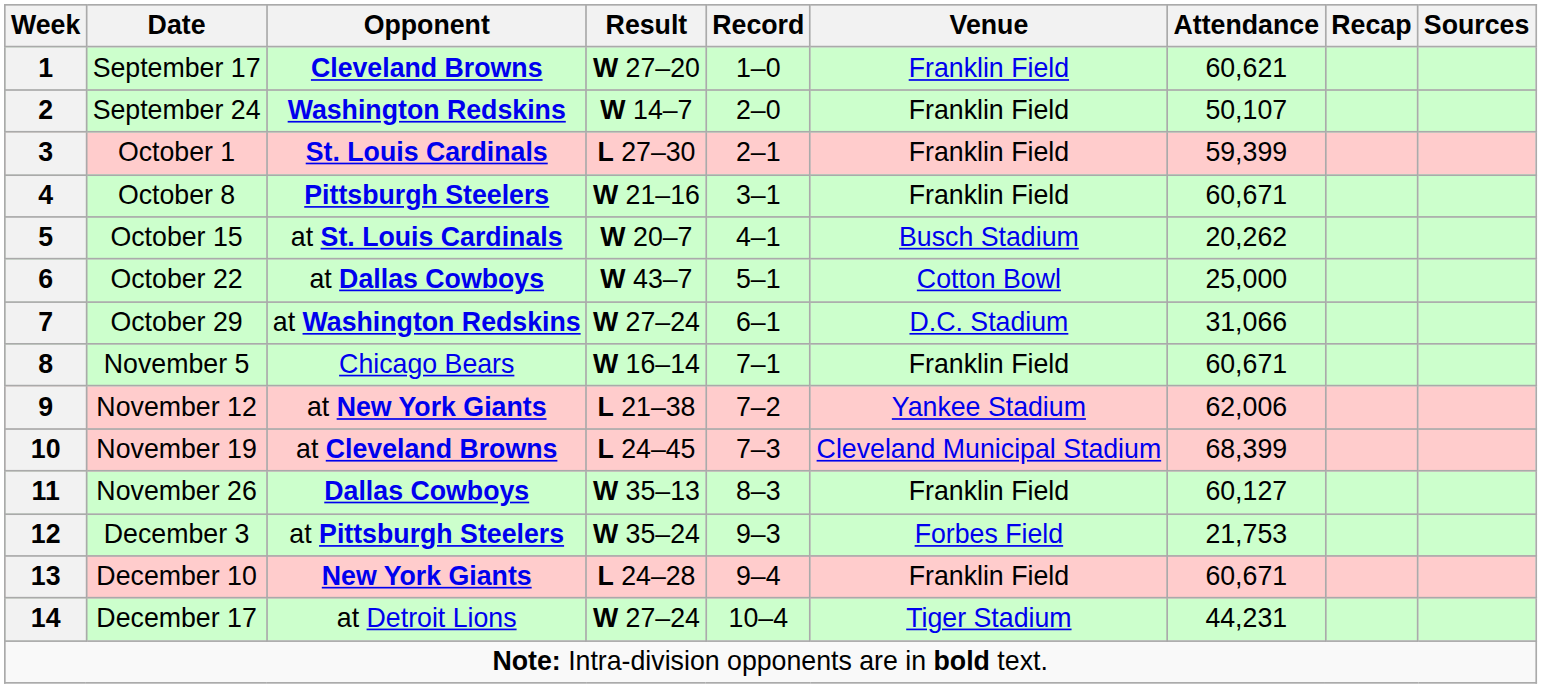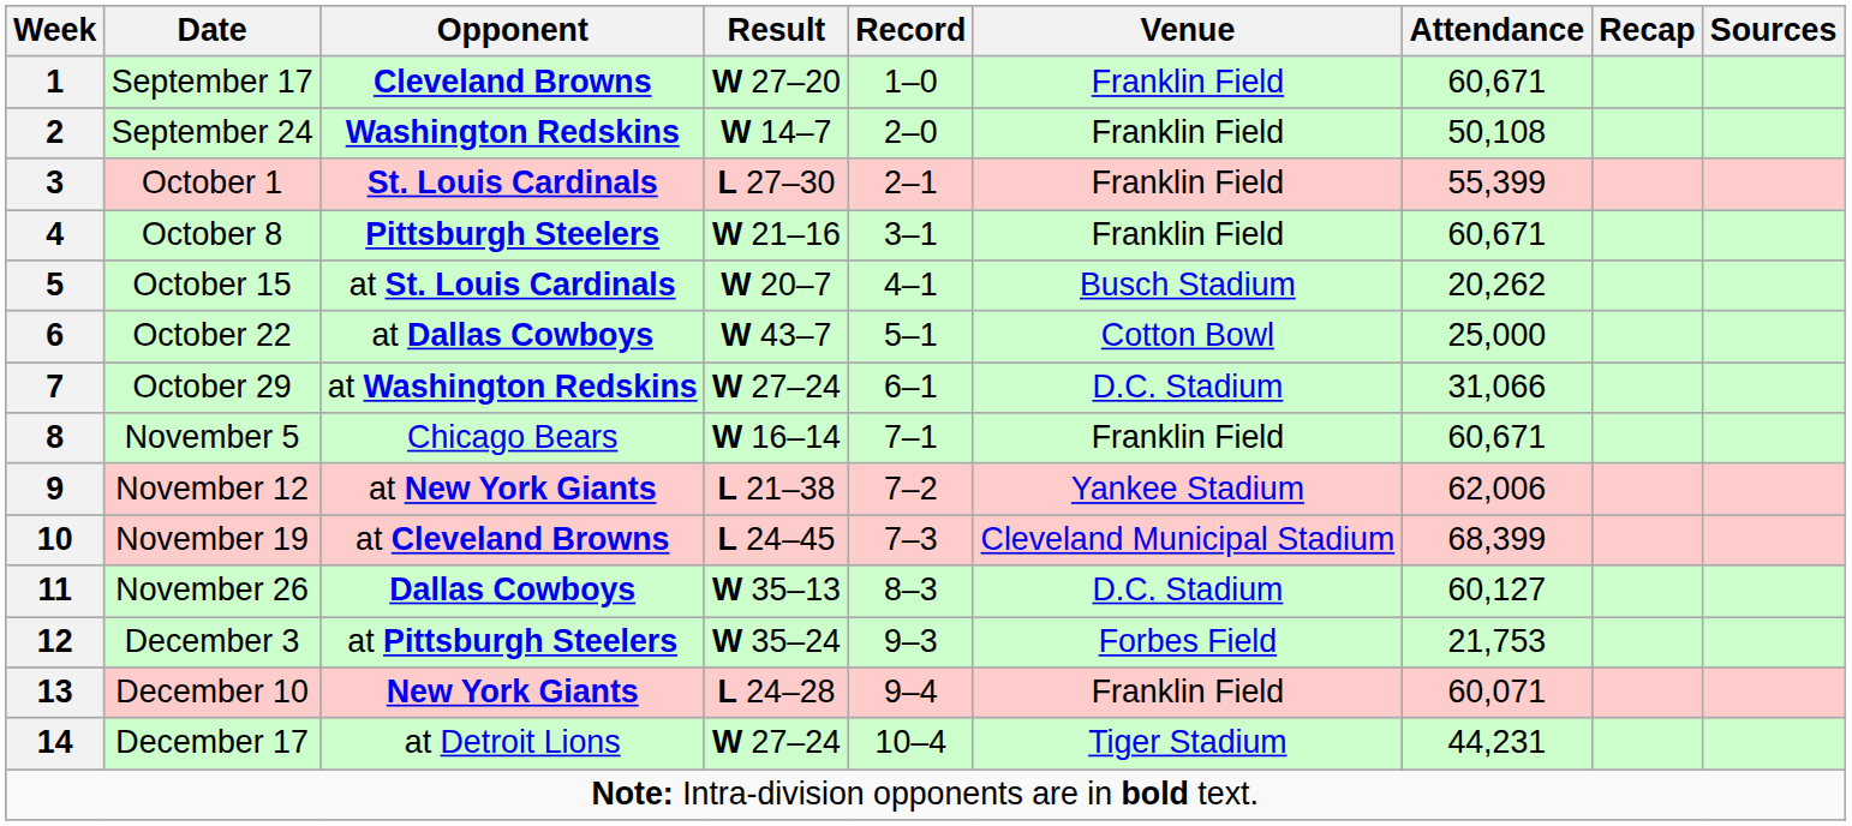 <table class="wikitable" style="text-align:center">
 <tr>
 <th>Week</th>
 <th>Date</th>
 <th>Opponent</th>
 <th>Result</th>
 <th>Record</th>
 <th>Venue</th>
 <th>Attendance</th>
 <th>Recap</th>
 <th>Sources</th>
 </tr>
 <tr style="background:#cfc">
 <th>1</th>
 <td>September 17</td>
 <td><strong><a href='#'>Cleveland Browns</a></strong></td>
 <td><strong>W</strong> 27–20</td>
 <td>1–0</td>
 <td><a href='#'>Franklin Field</a></td>
-<td>60,621</td>
+<td>60,671</td>
 <td></td>
 <td></td>
 </tr>
 <tr style="background:#cfc">
 <th>2</th>
 <td>September 24</td>
 <td><strong><a href='#'>Washington Redskins</a></strong></td>
 <td><strong>W</strong> 14–7</td>
 <td>2–0</td>
 <td>Franklin Field</td>
-<td>50,107</td>
+<td>50,108</td>
 <td></td>
 <td></td>
 </tr>
 <tr style="background:#fcc">
 <th>3</th>
 <td>October 1</td>
 <td><strong><a href='#'>St. Louis Cardinals</a></strong></td>
 <td><strong>L</strong> 27–30</td>
 <td>2–1</td>
 <td>Franklin Field</td>
-<td>59,399</td>
+<td>55,399</td>
 <td></td>
 <td></td>
 </tr>
 <tr style="background:#cfc">
 <th>4</th>
 <td>October 8</td>
 <td><strong><a href='#'>Pittsburgh Steelers</a></strong></td>
 <td><strong>W</strong> 21–16</td>
 <td>3–1</td>
 <td>Franklin Field</td>
 <td>60,671</td>
 <td></td>
 <td></td>
 </tr>
 <tr style="background:#cfc">
 <th>5</th>
 <td>October 15</td>
 <td>at <strong><a href='#'>St. Louis Cardinals</a></strong></td>
 <td><strong>W</strong> 20–7</td>
 <td>4–1</td>
 <td><a href='#'>Busch Stadium</a></td>
 <td>20,262</td>
 <td></td>
 <td></td>
 </tr>
 <tr style="background:#cfc">
 <th>6</th>
 <td>October 22</td>
 <td>at <strong><a href='#'>Dallas Cowboys</a></strong></td>
 <td><strong>W</strong> 43–7</td>
 <td>5–1</td>
 <td><a href='#'>Cotton Bowl</a></td>
 <td>25,000</td>
 <td></td>
 <td></td>
 </tr>
 <tr style="background:#cfc">
 <th>7</th>
 <td>October 29</td>
 <td>at <strong><a href='#'>Washington Redskins</a></strong></td>
 <td><strong>W</strong> 27–24</td>
 <td>6–1</td>
 <td><a href='#'>D.C. Stadium</a></td>
 <td>31,066</td>
 <td></td>
 <td></td>
 </tr>
 <tr style="background:#cfc">
 <th>8</th>
 <td>November 5</td>
 <td><a href='#'>Chicago Bears</a></td>
 <td><strong>W</strong> 16–14</td>
 <td>7–1</td>
 <td>Franklin Field</td>
 <td>60,671</td>
 <td></td>
 <td></td>
 </tr>
 <tr style="background:#fcc">
 <th>9</th>
 <td>November 12</td>
 <td>at <strong><a href='#'>New York Giants</a></strong></td>
 <td><strong>L</strong> 21–38</td>
 <td>7–2</td>
 <td><a href='#'>Yankee Stadium</a></td>
 <td>62,006</td>
 <td></td>
 <td></td>
 </tr>
 <tr style="background:#fcc">
 <th>10</th>
 <td>November 19</td>
 <td>at <strong><a href='#'>Cleveland Browns</a></strong></td>
 <td><strong>L</strong> 24–45</td>
 <td>7–3</td>
 <td><a href='#'>Cleveland Municipal Stadium</a></td>
 <td>68,399</td>
 <td></td>
 <td></td>
 </tr>
 <tr style="background:#cfc">
 <th>11</th>
 <td>November 26</td>
 <td><strong><a href='#'>Dallas Cowboys</a></strong></td>
 <td><strong>W</strong> 35–13</td>
 <td>8–3</td>
-<td>Franklin Field</td>
+<td><a href='#'>D.C. Stadium</a></td>
 <td>60,127</td>
 <td></td>
 <td></td>
 </tr>
 <tr style="background:#cfc">
 <th>12</th>
 <td>December 3</td>
 <td>at <strong><a href='#'>Pittsburgh Steelers</a></strong></td>
 <td><strong>W</strong> 35–24</td>
 <td>9–3</td>
 <td><a href='#'>Forbes Field</a></td>
 <td>21,753</td>
 <td></td>
 <td></td>
 </tr>
 <tr style="background:#fcc">
 <th>13</th>
 <td>December 10</td>
 <td><strong><a href='#'>New York Giants</a></strong></td>
 <td><strong>L</strong> 24–28</td>
 <td>9–4</td>
 <td>Franklin Field</td>
-<td>60,671</td>
+<td>60,071</td>
 <td></td>
 <td></td>
 </tr>
 <tr style="background:#cfc">
 <th>14</th>
 <td>December 17</td>
 <td>at <a href='#'>Detroit Lions</a></td>
 <td><strong>W</strong> 27–24</td>
 <td>10–4</td>
 <td><a href='#'>Tiger Stadium</a></td>
 <td>44,231</td>
 <td></td>
 <td></td>
 </tr>
 <tr>
 <td colspan="10"><strong>Note:</strong> Intra-division opponents are in <strong>bold</strong> text.</td>
 </tr>
 </table>
